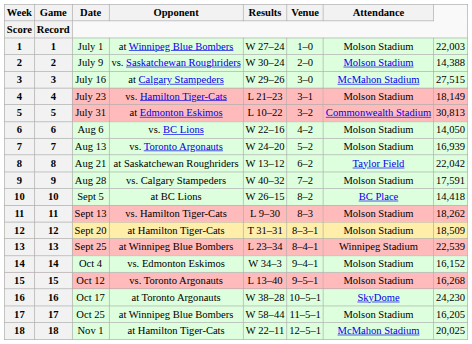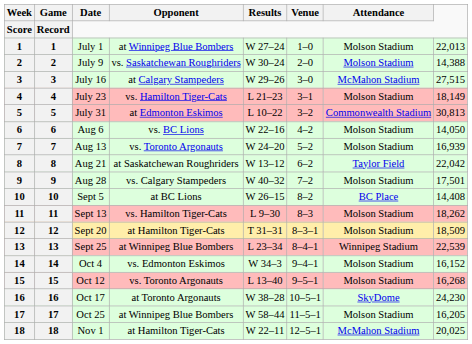 <table class="wikitable" style="text-align:center">
 <tr>
 <th>Week</th>
 <th>Game</th>
 <th>Date</th>
 <th>Opponent</th>
 <th>Results</th>
 <th>Venue</th>
 <th>Attendance</th>
 </tr>
 <tr>
 <th>Score</th>
 <th>Record</th>
 </tr>
 <tr style="background:#ddffdd">
 <th>1</th>
 <th>1</th>
 <td>July 1</td>
 <td>at <a href='#'>Winnipeg Blue Bombers</a></td>
 <td>W 27–24</td>
 <td>1–0</td>
 <td>Molson Stadium</td>
-<td>22,003</td>
+<td>22,013</td>
 </tr>
 <tr style="background:#ddffdd">
 <th>2</th>
 <th>2</th>
 <td>July 9</td>
 <td>vs. <a href='#'>Saskatchewan Roughriders</a></td>
 <td>W 30–24</td>
 <td>2–0</td>
 <td><a href='#'>Molson Stadium</a></td>
 <td>14,388</td>
 </tr>
 <tr style="background:#ddffdd">
 <th>3</th>
 <th>3</th>
 <td>July 16</td>
 <td>at <a href='#'>Calgary Stampeders</a></td>
 <td>W 29–26</td>
 <td>3–0</td>
 <td><a href='#'>McMahon Stadium</a></td>
 <td>27,515</td>
 </tr>
 <tr style="background:#ffbbbb">
 <th>4</th>
 <th>4</th>
 <td>July 23</td>
 <td>vs. <a href='#'>Hamilton Tiger-Cats</a></td>
 <td>L 21–23</td>
 <td>3–1</td>
 <td>Molson Stadium</td>
 <td>18,149</td>
 </tr>
 <tr style="background:#ffbbbb">
 <th>5</th>
 <th>5</th>
 <td>July 31</td>
 <td>at <a href='#'>Edmonton Eskimos</a></td>
 <td>L 10–22</td>
 <td>3–2</td>
 <td><a href='#'>Commonwealth Stadium</a></td>
 <td>30,813</td>
 </tr>
 <tr style="background:#ddffdd">
 <th>6</th>
 <th>6</th>
 <td>Aug 6</td>
 <td>vs. <a href='#'>BC Lions</a></td>
 <td>W 22–16</td>
 <td>4–2</td>
 <td>Molson Stadium</td>
 <td>14,050</td>
 </tr>
 <tr style="background:#ddffdd">
 <th>7</th>
 <th>7</th>
 <td>Aug 13</td>
 <td>vs. <a href='#'>Toronto Argonauts</a></td>
 <td>W 24–20</td>
 <td>5–2</td>
 <td>Molson Stadium</td>
 <td>16,939</td>
 </tr>
 <tr style="background:#ddffdd">
 <th>8</th>
 <th>8</th>
 <td>Aug 21</td>
 <td>at Saskatchewan Roughriders</td>
 <td>W 13–12</td>
 <td>6–2</td>
 <td><a href='#'>Taylor Field</a></td>
 <td>22,042</td>
 </tr>
 <tr style="background:#ddffdd">
 <th>9</th>
 <th>9</th>
 <td>Aug 28</td>
 <td>vs. Calgary Stampeders</td>
 <td>W 40–32</td>
 <td>7–2</td>
 <td>Molson Stadium</td>
-<td>17,591</td>
+<td>17,501</td>
 </tr>
 <tr style="background:#ddffdd">
 <th>10</th>
 <th>10</th>
 <td>Sept 5</td>
 <td>at BC Lions</td>
 <td>W 26–15</td>
 <td>8–2</td>
 <td><a href='#'>BC Place</a></td>
-<td>14,418</td>
+<td>14,408</td>
 </tr>
 <tr style="background:#ffbbbb">
 <th>11</th>
 <th>11</th>
 <td>Sept 13</td>
 <td>vs. Hamilton Tiger-Cats</td>
 <td>L 9–30</td>
 <td>8–3</td>
 <td>Molson Stadium</td>
 <td>18,262</td>
 </tr>
 <tr style="background:#ffeeaa">
 <th>12</th>
 <th>12</th>
 <td>Sept 20</td>
 <td>at Hamilton Tiger-Cats</td>
 <td>T 31–31</td>
 <td>8–3–1</td>
 <td>Molson Stadium</td>
 <td>18,509</td>
 </tr>
 <tr style="background:#ffbbbb">
 <th>13</th>
 <th>13</th>
 <td>Sept 25</td>
 <td>at Winnipeg Blue Bombers</td>
 <td>L 23–34</td>
 <td>8–4–1</td>
 <td>Winnipeg Stadium</td>
 <td>22,539</td>
 </tr>
 <tr style="background:#ddffdd">
 <th>14</th>
 <th>14</th>
 <td>Oct 4</td>
 <td>vs. Edmonton Eskimos</td>
 <td>W 34–3</td>
 <td>9–4–1</td>
 <td>Molson Stadium</td>
 <td>16,152</td>
 </tr>
 <tr style="background:#ffbbbb">
 <th>15</th>
 <th>15</th>
 <td>Oct 12</td>
 <td>vs. Toronto Argonauts</td>
 <td>L 13–40</td>
 <td>9–5–1</td>
 <td>Molson Stadium</td>
 <td>16,268</td>
 </tr>
 <tr style="background:#ddffdd">
 <th>16</th>
 <th>16</th>
 <td>Oct 17</td>
 <td>at Toronto Argonauts</td>
 <td>W 38–28</td>
 <td>10–5–1</td>
 <td><a href='#'>SkyDome</a></td>
 <td>24,230</td>
 </tr>
 <tr style="background:#ddffdd">
 <th>17</th>
 <th>17</th>
 <td>Oct 25</td>
 <td>at Winnipeg Blue Bombers</td>
 <td>W 58–44</td>
 <td>11–5–1</td>
 <td>Molson Stadium</td>
 <td>16,205</td>
 </tr>
 <tr style="background:#ddffdd">
 <th>18</th>
 <th>18</th>
 <td>Nov 1</td>
 <td>at Hamilton Tiger-Cats</td>
 <td>W 22–11</td>
 <td>12–5–1</td>
 <td><a href='#'>McMahon Stadium</a></td>
 <td>20,025</td>
 </tr>
 </table>
